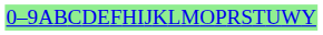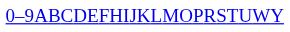 <table id="toc" class="toc" summary="Class">
 <tr>
 <th></th>
 </tr>
 <tr>
-<td style="background: lightgreen; text-align:center;"><a href='#'>0–9</a><a href='#'>A</a><a href='#'>B</a><a href='#'>C</a><a href='#'>D</a><a href='#'>E</a><a href='#'>F</a><a href='#'>H</a><a href='#'>I</a><a href='#'>J</a><a href='#'>K</a><a href='#'>L</a><a href='#'>M</a><a href='#'>O</a><a href='#'>P</a><a href='#'>R</a><a href='#'>S</a><a href='#'>T</a><a href='#'>U</a><a href='#'>W</a><a href='#'>Y</a></td>
+<td style="text-align:center;"><a href='#'>0–9</a><a href='#'>A</a><a href='#'>B</a><a href='#'>C</a><a href='#'>D</a><a href='#'>E</a><a href='#'>F</a><a href='#'>H</a><a href='#'>I</a><a href='#'>J</a><a href='#'>K</a><a href='#'>L</a><a href='#'>M</a><a href='#'>O</a><a href='#'>P</a><a href='#'>R</a><a href='#'>S</a><a href='#'>T</a><a href='#'>U</a><a href='#'>W</a><a href='#'>Y</a></td>
 </tr>
 </table>
